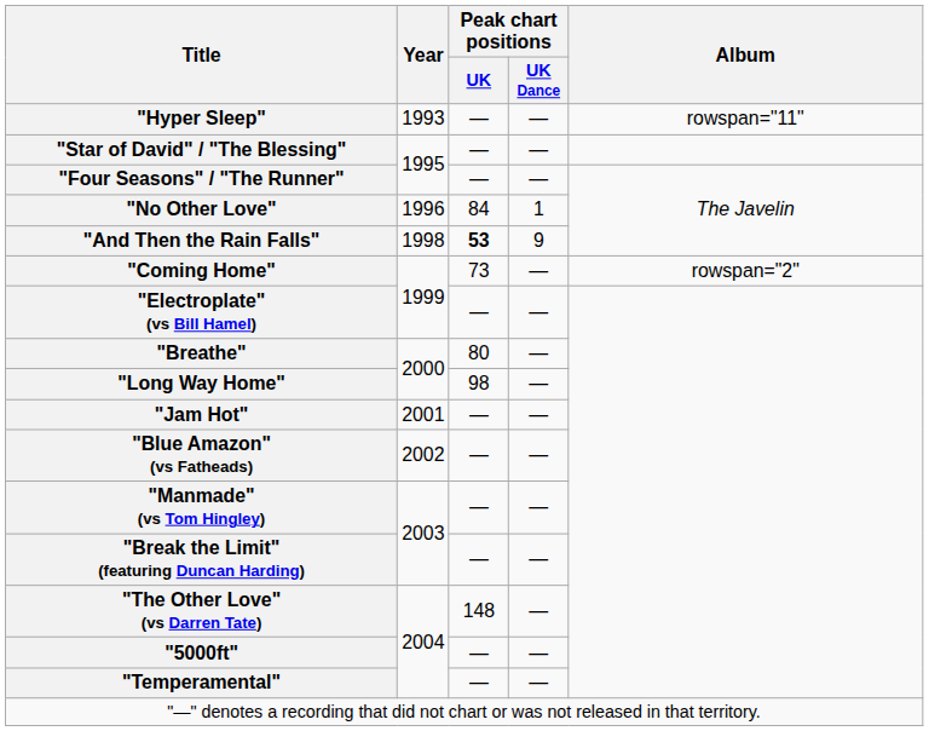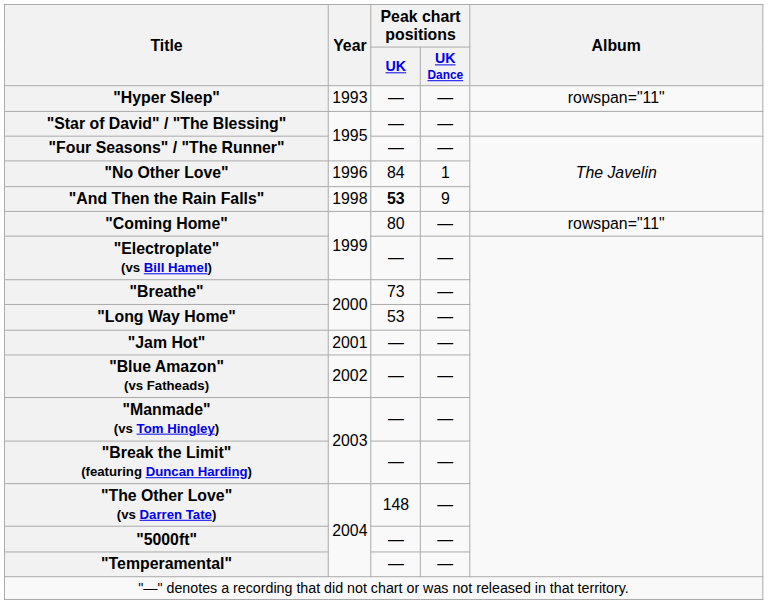 <table class="wikitable plainrowheaders" style="text-align:center;" border="1">
 <tr>
 <th scope="col" rowspan="2" style="width:20em;">Title</th>
 <th scope="col" rowspan="2" style="width:1em;">Year</th>
 <th scope="col" colspan="2">Peak chart positions</th>
 <th scope="col" rowspan="2" style="width:18em;">Album</th>
 </tr>
 <tr>
 <th scope="col" style="width:3em;font-size:90%;"><a href='#'>UK</a><br></th>
 <th scope="col" style="width:3em;font-size:90%;"><a href='#'>UK<br><small>Dance</small></a><br></th>
 </tr>
 <tr>
 <th scope="row">"Hyper Sleep"</th>
 <td>1993</td>
 <td>—</td>
 <td>—</td>
 <td>rowspan="11" </td>
 </tr>
 <tr>
 <th scope="row">"Star of David" / "The Blessing"</th>
 <td rowspan="2">1995</td>
 <td>—</td>
 <td>—</td>
 </tr>
 <tr>
 <th scope="row">"Four Seasons" / "The Runner"</th>
 <td>—</td>
 <td>—</td>
 <td rowspan="3"><em>The Javelin</em></td>
 </tr>
 <tr>
 <th scope="row">"No Other Love"</th>
 <td>1996</td>
 <td>84</td>
 <td>1</td>
 </tr>
 <tr>
 <th scope="row">"And Then the Rain Falls"</th>
 <td>1998</td>
 <td><strong>53</strong></td>
 <td>9</td>
 </tr>
 <tr>
 <th scope="row">"Coming Home"</th>
 <td rowspan="2">1999</td>
-<td>73</td>
+<td>80</td>
 <td>—</td>
-<td>rowspan="2" </td>
+<td>rowspan="11" </td>
 </tr>
 <tr>
 <th scope="row">"Electroplate"<br><small>(vs <a href='#'>Bill Hamel</a>)</small></th>
 <td>—</td>
 <td>—</td>
 </tr>
 <tr>
 <th scope="row">"Breathe"</th>
 <td rowspan="2">2000</td>
-<td>80</td>
+<td>73</td>
 <td>—</td>
 </tr>
 <tr>
 <th scope="row">"Long Way Home"</th>
-<td>98</td>
+<td>53</td>
 <td>—</td>
 </tr>
 <tr>
 <th scope="row">"Jam Hot"</th>
 <td>2001</td>
 <td>—</td>
 <td>—</td>
 </tr>
 <tr>
 <th scope="row">"Blue Amazon"<br><small>(vs Fatheads)</small></th>
 <td>2002</td>
 <td>—</td>
 <td>—</td>
 </tr>
 <tr>
 <th scope="row">"Manmade"<br><small>(vs <a href='#'>Tom Hingley</a>)</small></th>
 <td rowspan="2">2003</td>
 <td>—</td>
 <td>—</td>
 </tr>
 <tr>
 <th scope="row">"Break the Limit"<br><small>(featuring <a href='#'>Duncan Harding</a>)</small></th>
 <td>—</td>
 <td>—</td>
 </tr>
 <tr>
 <th scope="row">"The Other Love"<br><small>(vs <a href='#'>Darren Tate</a>)</small></th>
 <td rowspan="3">2004</td>
 <td>148</td>
 <td>—</td>
 </tr>
 <tr>
 <th scope="row">"5000ft"</th>
 <td>—</td>
 <td>—</td>
 </tr>
 <tr>
 <th scope="row">"Temperamental"</th>
 <td>—</td>
 <td>—</td>
 </tr>
 <tr>
 <td colspan="13" style="font-size:90%">"—" denotes a recording that did not chart or was not released in that territory.</td>
 </tr>
 </table>
